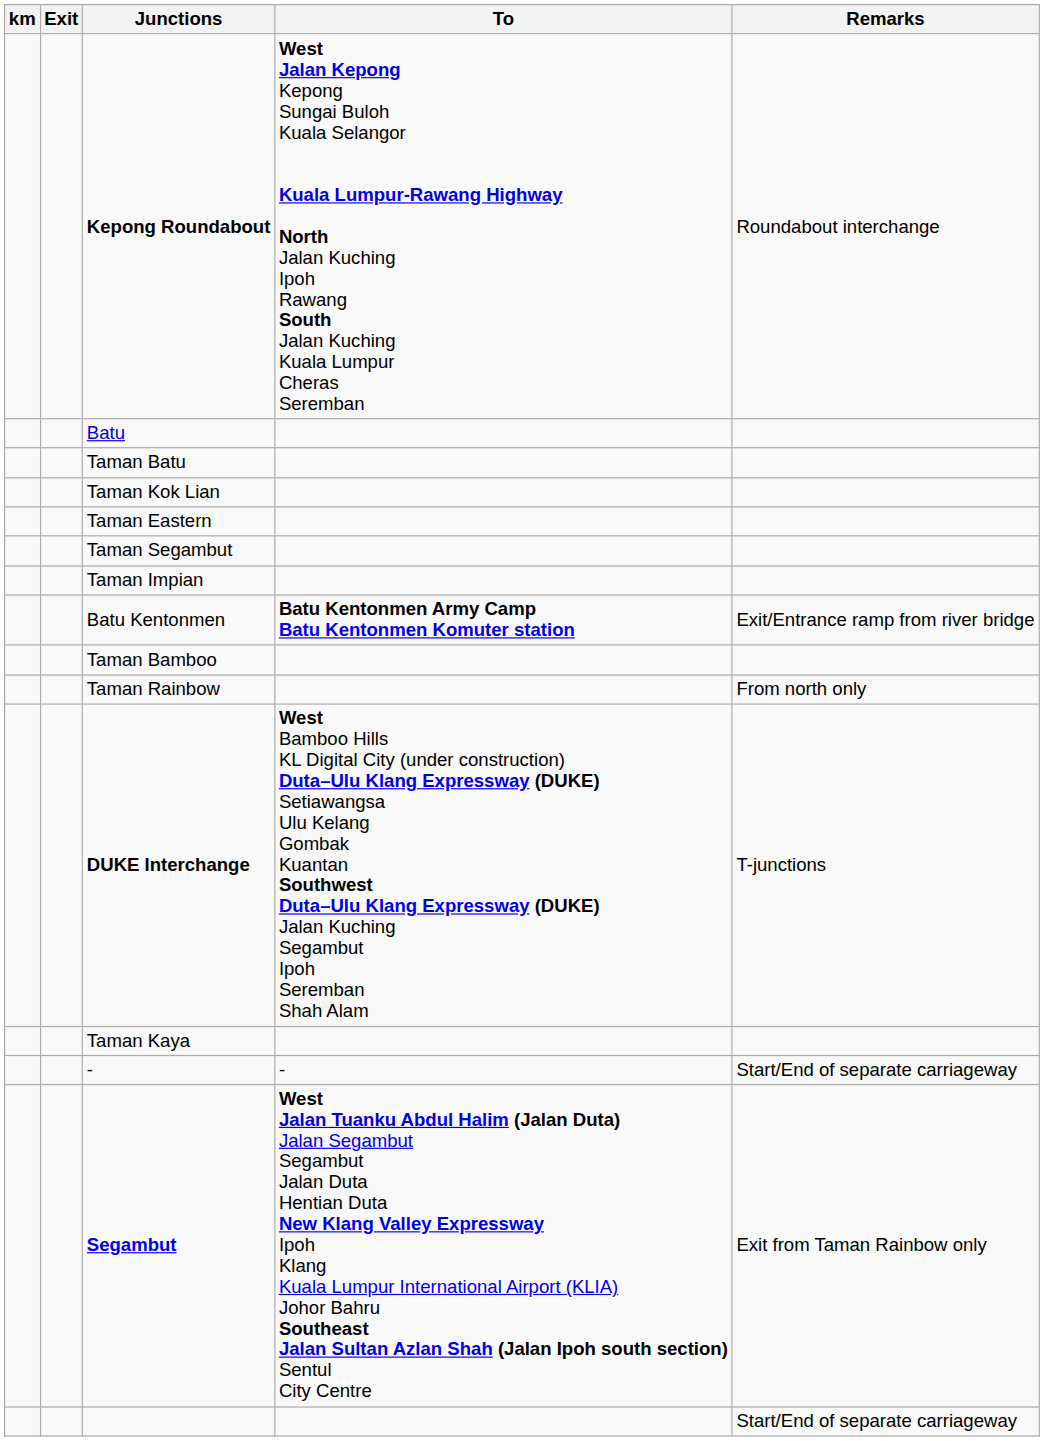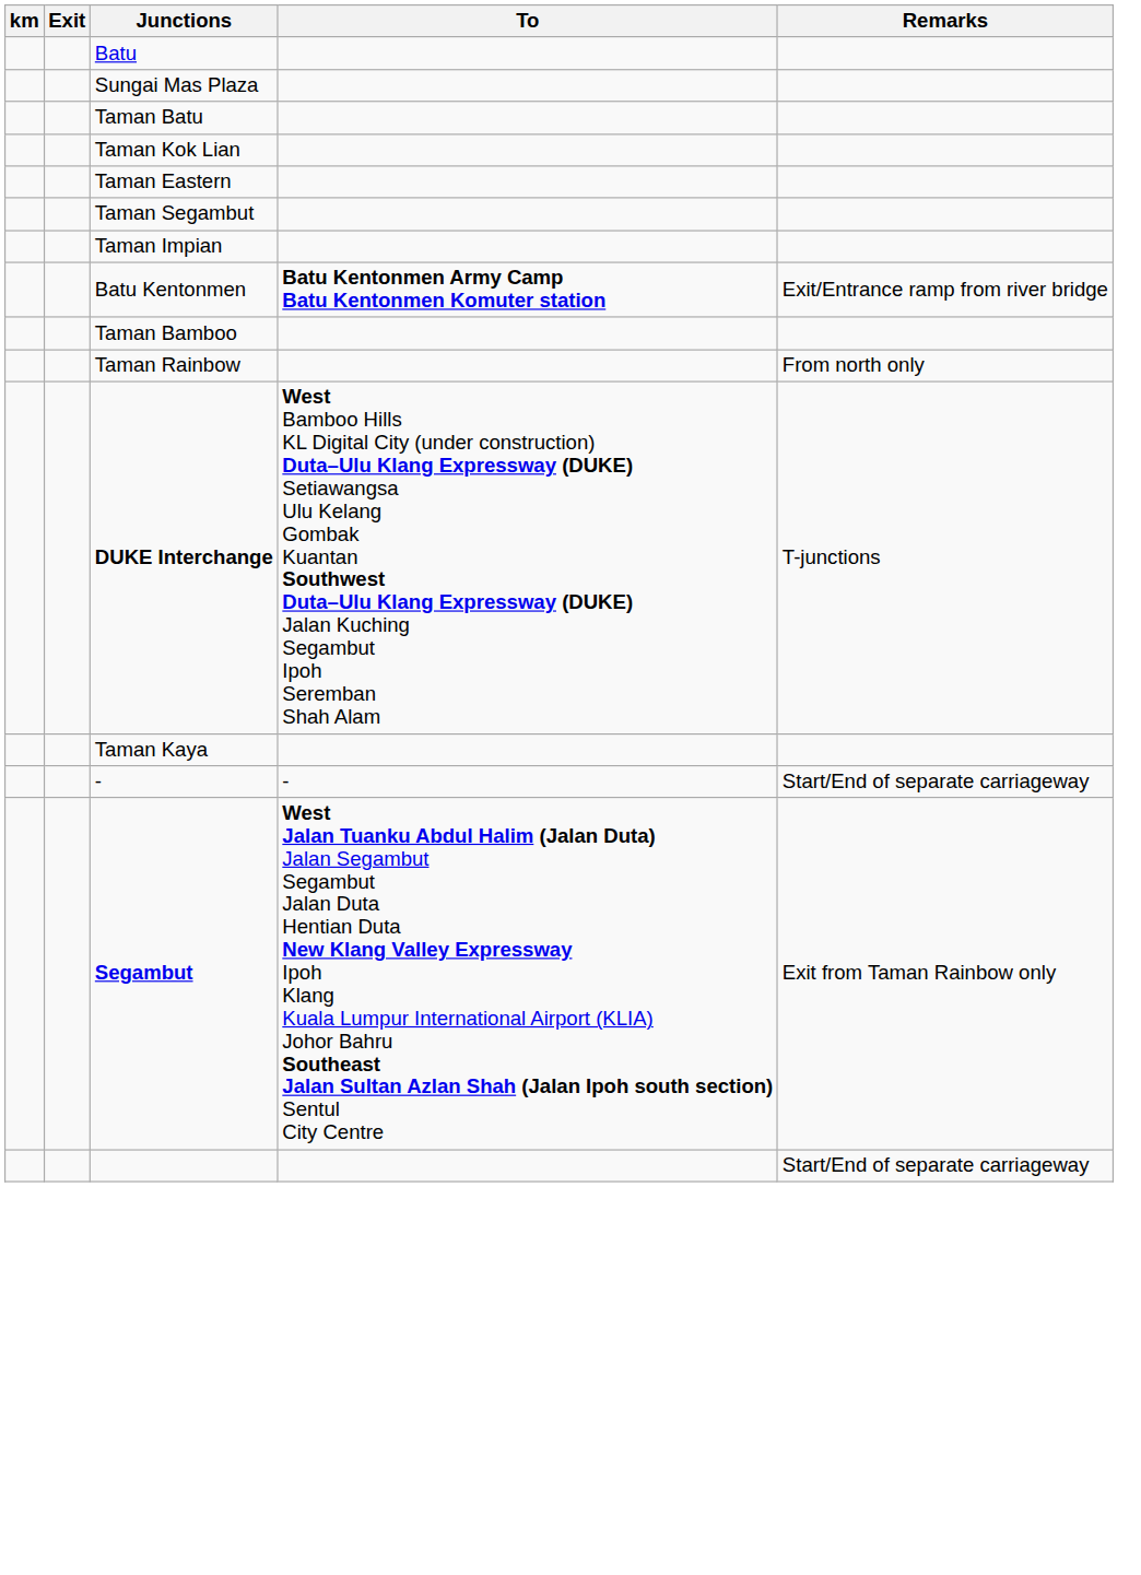 <table class="wikitable">
 <tr>
 <th>km</th>
 <th>Exit</th>
 <th>Junctions</th>
 <th>To</th>
 <th>Remarks</th>
 </tr>
 <tr>
 <td></td>
 <td></td>
-<td><strong>Kepong Roundabout</strong></td>
-<td><strong>West</strong><br> <strong><a href='#'>Jalan Kepong</a></strong><br> Kepong<br> Sungai Buloh<br> Kuala Selangor<br><br><br> <strong><a href='#'>Kuala Lumpur-Rawang Highway</a></strong><br><br><strong>North</strong><br>Jalan Kuching<br>Ipoh<br>Rawang<br><strong>South</strong><br>Jalan Kuching<br>Kuala Lumpur<br>Cheras<br>Seremban</td>
-<td>Roundabout interchange</td>
+<td><a href='#'>Batu</a></td>
+<td></td>
+<td></td>
 </tr>
 <tr>
 <td></td>
 <td></td>
-<td><a href='#'>Batu</a></td>
+<td>Sungai Mas Plaza</td>
 <td></td>
 <td></td>
 </tr>
 <tr>
 <td></td>
 <td></td>
 <td>Taman Batu</td>
 <td></td>
 <td></td>
 </tr>
 <tr>
 <td></td>
 <td></td>
 <td>Taman Kok Lian</td>
 <td></td>
 <td></td>
 </tr>
 <tr>
 <td></td>
 <td></td>
 <td>Taman Eastern</td>
 <td></td>
 <td></td>
 </tr>
 <tr>
 <td></td>
 <td></td>
 <td>Taman Segambut</td>
 <td></td>
 <td></td>
 </tr>
 <tr>
 <td></td>
 <td></td>
 <td>Taman Impian</td>
 <td></td>
 <td></td>
 </tr>
 <tr>
 <td></td>
 <td></td>
 <td>Batu Kentonmen</td>
 <td><strong>Batu Kentonmen Army Camp<br><a href='#'>Batu Kentonmen Komuter station</a></strong></td>
 <td>Exit/Entrance ramp from river bridge</td>
 </tr>
 <tr>
 <td></td>
 <td></td>
 <td>Taman Bamboo</td>
 <td></td>
 <td></td>
 </tr>
 <tr>
 <td></td>
 <td></td>
 <td>Taman Rainbow</td>
 <td></td>
 <td>From north only</td>
 </tr>
 <tr>
 <td></td>
 <td></td>
 <td><strong>DUKE Interchange</strong></td>
 <td><strong>West</strong><br>Bamboo Hills<br>KL Digital City (under construction)<br><strong><span></span></strong> <strong><a href='#'>Duta–Ulu Klang Expressway</a> (DUKE)</strong><br>Setiawangsa<br>Ulu Kelang<br>Gombak<br>Kuantan<br><strong>Southwest</strong><br><strong><span></span></strong> <strong><a href='#'>Duta–Ulu Klang Expressway</a> (DUKE)</strong><br>Jalan Kuching <br>Segambut<br>Ipoh<br>Seremban<br>Shah Alam</td>
 <td>T-junctions</td>
 </tr>
 <tr>
 <td></td>
 <td></td>
 <td>Taman Kaya</td>
 <td></td>
 <td></td>
 </tr>
 <tr>
 <td></td>
 <td></td>
 <td>-</td>
 <td>-</td>
 <td>Start/End of separate carriageway</td>
 </tr>
 <tr>
 <td></td>
 <td></td>
 <td><strong><a href='#'>Segambut</a></strong></td>
 <td><strong>West</strong><br><strong><a href='#'>Jalan Tuanku Abdul Halim</a> (Jalan Duta)</strong><br><a href='#'>Jalan Segambut</a><br>Segambut<br>Jalan Duta<br>Hentian Duta<br>  <strong><a href='#'>New Klang Valley Expressway</a></strong><br>Ipoh<br>Klang<br><a href='#'>Kuala Lumpur International Airport (KLIA)</a> <br>Johor Bahru<br><strong>Southeast</strong><br><strong><a href='#'>Jalan Sultan Azlan Shah</a> (Jalan Ipoh south section)</strong><br>Sentul<br>City Centre</td>
 <td>Exit from Taman Rainbow only</td>
 </tr>
 <tr>
 <td></td>
 <td></td>
 <td></td>
 <td></td>
 <td>Start/End of separate carriageway</td>
 </tr>
 </table>
